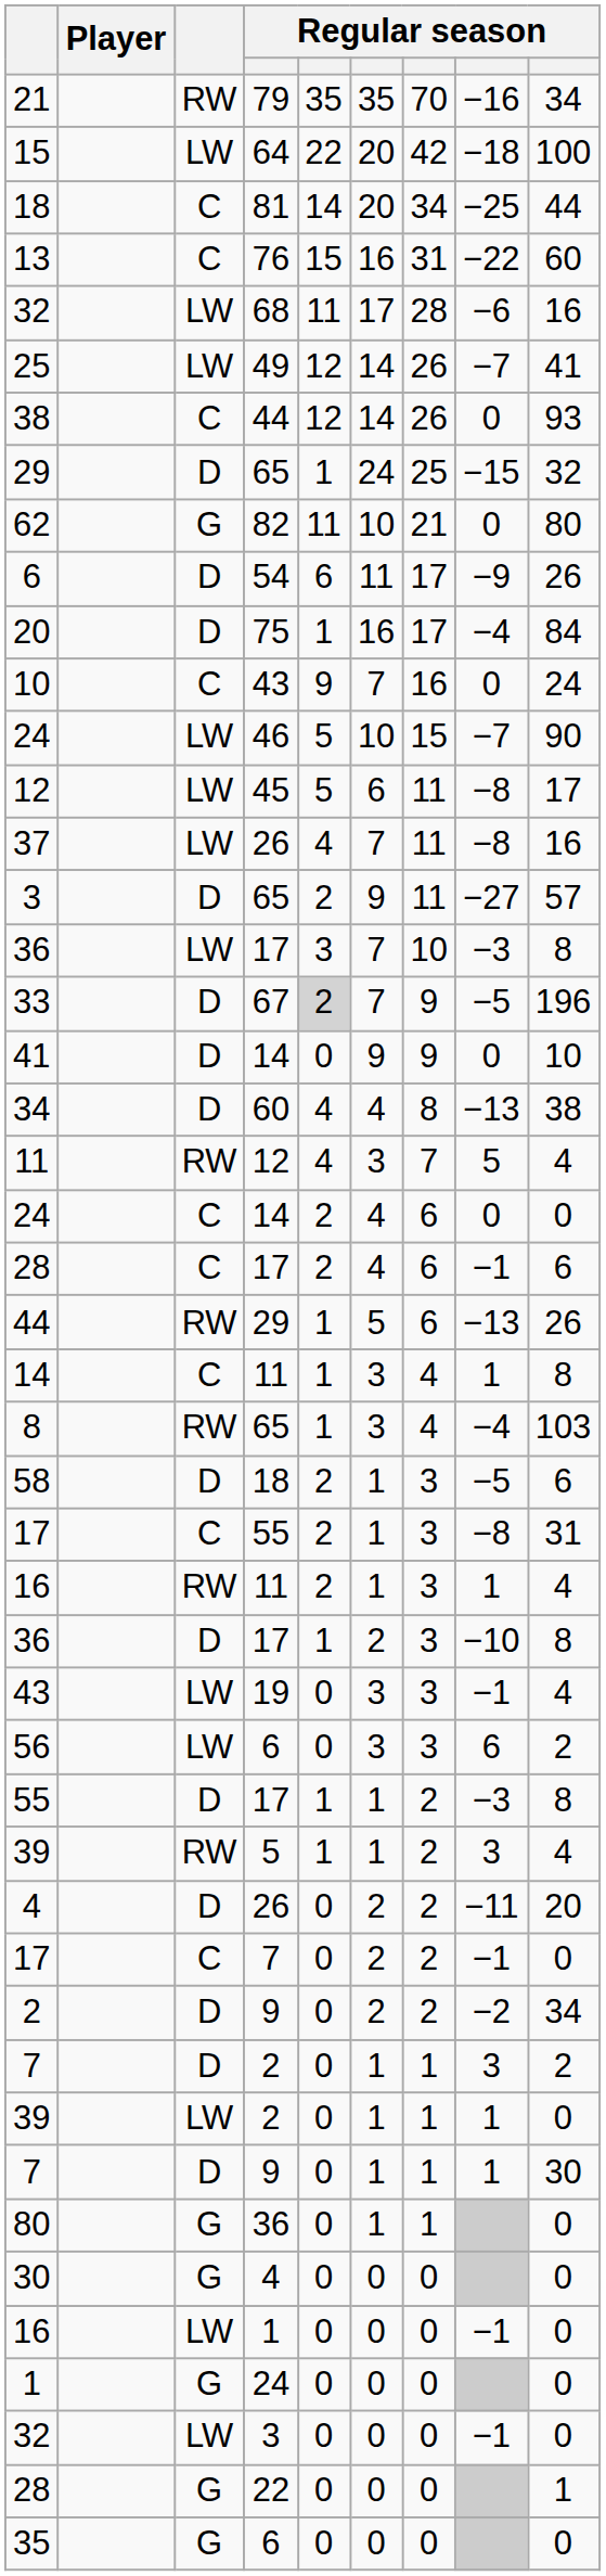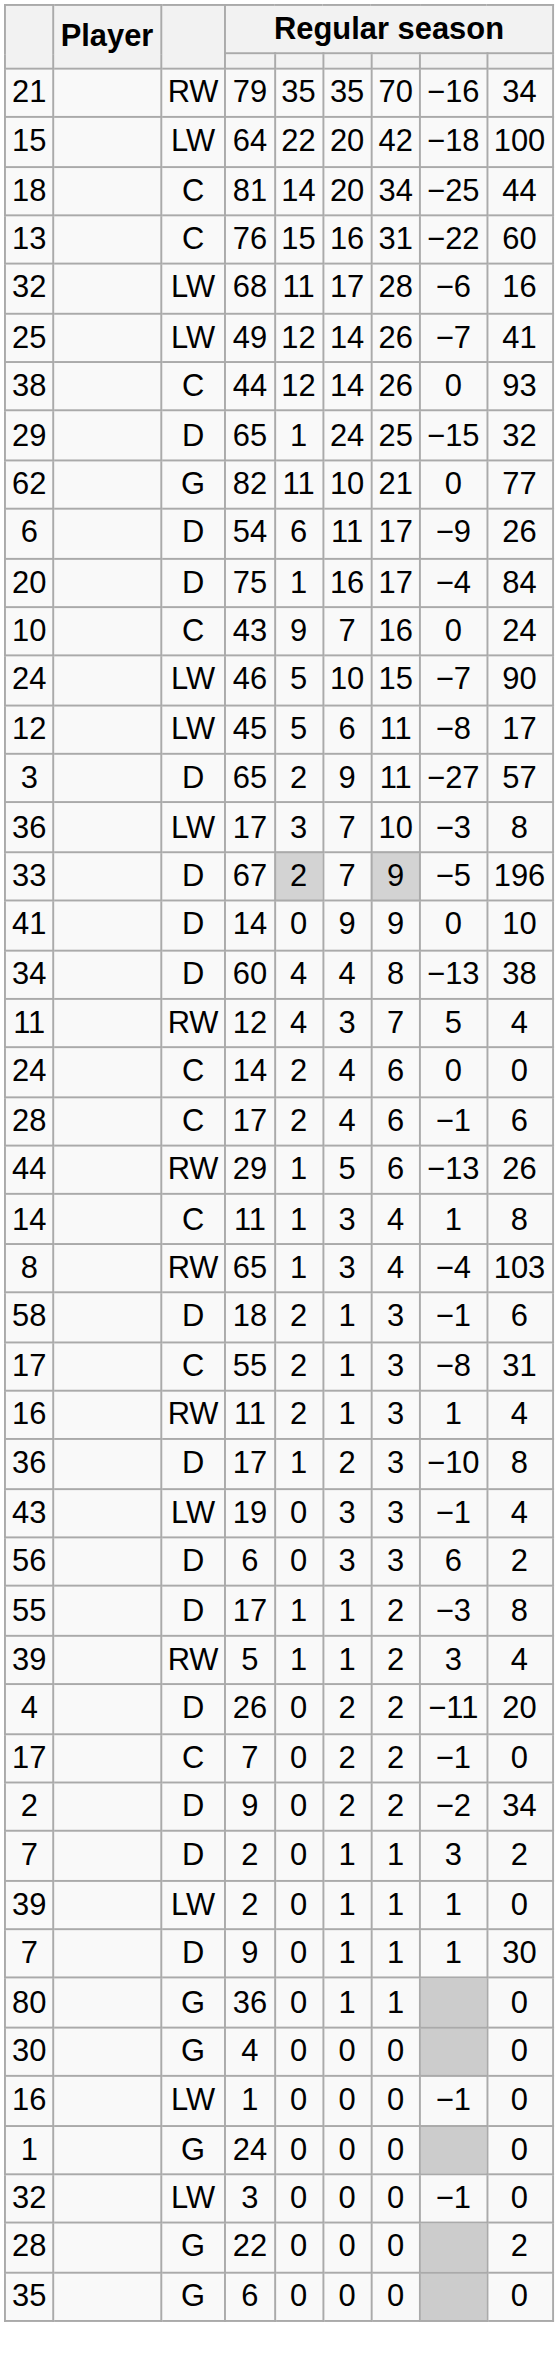 <table class="wikitable sortable plainrowheaders" style="text-align:center;">
 <tr>
 <th scope="col" data-sort-type="number" rowspan="2"></th>
 <th scope="col" rowspan="2">Player</th>
 <th scope="col" rowspan="2"></th>
 <th scope=colgroup colspan=6>Regular season</th>
 </tr>
 <tr>
 <th scope="col" data-sort-type="number"></th>
 <th scope="col" data-sort-type="number"></th>
 <th scope="col" data-sort-type="number"></th>
 <th scope="col" data-sort-type="number"></th>
 <th scope="col" data-sort-type="number"></th>
 <th scope="col" data-sort-type="number"></th>
 </tr>
 <tr>
 <td scope="row">21</td>
 <td align="left"></td>
 <td>RW</td>
 <td>79</td>
 <td>35</td>
 <td>35</td>
 <td>70</td>
 <td>−16</td>
 <td>34</td>
 </tr>
 <tr>
 <td scope="row">15</td>
 <td align="left"></td>
 <td>LW</td>
 <td>64</td>
 <td>22</td>
 <td>20</td>
 <td>42</td>
 <td>−18</td>
 <td>100</td>
 </tr>
 <tr>
 <td scope="row">18</td>
 <td align="left"></td>
 <td>C</td>
 <td>81</td>
 <td>14</td>
 <td>20</td>
 <td>34</td>
 <td>−25</td>
 <td>44</td>
 </tr>
 <tr>
 <td scope="row">13</td>
 <td align="left"></td>
 <td>C</td>
 <td>76</td>
 <td>15</td>
 <td>16</td>
 <td>31</td>
 <td>−22</td>
 <td>60</td>
 </tr>
 <tr>
 <td scope="row">32</td>
 <td align="left"></td>
 <td>LW</td>
 <td>68</td>
 <td>11</td>
 <td>17</td>
 <td>28</td>
 <td>−6</td>
 <td>16</td>
 </tr>
 <tr>
 <td scope="row">25</td>
 <td align="left"></td>
 <td>LW</td>
 <td>49</td>
 <td>12</td>
 <td>14</td>
 <td>26</td>
 <td>−7</td>
 <td>41</td>
 </tr>
 <tr>
 <td scope="row">38</td>
 <td align="left"></td>
 <td>C</td>
 <td>44</td>
 <td>12</td>
 <td>14</td>
 <td>26</td>
 <td>0</td>
 <td>93</td>
 </tr>
 <tr>
 <td scope="row">29</td>
 <td align="left"></td>
 <td>D</td>
 <td>65</td>
 <td>1</td>
 <td>24</td>
 <td>25</td>
 <td>−15</td>
 <td>32</td>
 </tr>
 <tr>
 <td scope="row">62</td>
 <td align="left"></td>
 <td>G</td>
 <td>82</td>
 <td>11</td>
 <td>10</td>
 <td>21</td>
 <td>0</td>
-<td>80</td>
+<td>77</td>
 </tr>
 <tr>
 <td scope="row">6</td>
 <td align="left"></td>
 <td>D</td>
 <td>54</td>
 <td>6</td>
 <td>11</td>
 <td>17</td>
 <td>−9</td>
 <td>26</td>
 </tr>
 <tr>
 <td scope="row">20</td>
 <td align="left"></td>
 <td>D</td>
 <td>75</td>
 <td>1</td>
 <td>16</td>
 <td>17</td>
 <td>−4</td>
 <td>84</td>
 </tr>
 <tr>
 <td scope="row">10</td>
 <td align="left"></td>
 <td>C</td>
 <td>43</td>
 <td>9</td>
 <td>7</td>
 <td>16</td>
 <td>0</td>
 <td>24</td>
 </tr>
 <tr>
 <td scope="row">24</td>
 <td align="left"></td>
 <td>LW</td>
 <td>46</td>
 <td>5</td>
 <td>10</td>
 <td>15</td>
 <td>−7</td>
 <td>90</td>
 </tr>
 <tr>
 <td scope="row">12</td>
 <td align="left"></td>
 <td>LW</td>
 <td>45</td>
 <td>5</td>
 <td>6</td>
 <td>11</td>
 <td>−8</td>
 <td>17</td>
 </tr>
 <tr>
-<td scope="row">37</td>
-<td align="left"></td>
-<td>LW</td>
-<td>26</td>
-<td>4</td>
-<td>7</td>
-<td>11</td>
-<td>−8</td>
-<td>16</td>
-</tr>
-<tr>
 <td scope="row">3</td>
 <td align="left"></td>
 <td>D</td>
 <td>65</td>
 <td>2</td>
 <td>9</td>
 <td>11</td>
 <td>−27</td>
 <td>57</td>
 </tr>
 <tr>
 <td scope="row">36</td>
 <td align="left"></td>
 <td>LW</td>
 <td>17</td>
 <td>3</td>
 <td>7</td>
 <td>10</td>
 <td>−3</td>
 <td>8</td>
 </tr>
 <tr>
 <td scope="row">33</td>
 <td align="left"></td>
 <td>D</td>
 <td>67</td>
 <td style="background: lightgrey;">2</td>
 <td>7</td>
-<td>9</td>
+<td style="background: lightgrey;">9</td>
 <td>−5</td>
 <td>196</td>
 </tr>
 <tr>
 <td scope="row">41</td>
 <td align="left"></td>
 <td>D</td>
 <td>14</td>
 <td>0</td>
 <td>9</td>
 <td>9</td>
 <td>0</td>
 <td>10</td>
 </tr>
 <tr>
 <td scope="row">34</td>
 <td align="left"></td>
 <td>D</td>
 <td>60</td>
 <td>4</td>
 <td>4</td>
 <td>8</td>
 <td>−13</td>
 <td>38</td>
 </tr>
 <tr>
 <td scope="row">11</td>
 <td align="left"></td>
 <td>RW</td>
 <td>12</td>
 <td>4</td>
 <td>3</td>
 <td>7</td>
 <td>5</td>
 <td>4</td>
 </tr>
 <tr>
 <td scope="row">24</td>
 <td align="left"></td>
 <td>C</td>
 <td>14</td>
 <td>2</td>
 <td>4</td>
 <td>6</td>
 <td>0</td>
 <td>0</td>
 </tr>
 <tr>
 <td scope="row">28</td>
 <td align="left"></td>
 <td>C</td>
 <td>17</td>
 <td>2</td>
 <td>4</td>
 <td>6</td>
 <td>−1</td>
 <td>6</td>
 </tr>
 <tr>
 <td scope="row">44</td>
 <td align="left"></td>
 <td>RW</td>
 <td>29</td>
 <td>1</td>
 <td>5</td>
 <td>6</td>
 <td>−13</td>
 <td>26</td>
 </tr>
 <tr>
 <td scope="row">14</td>
 <td align="left"></td>
 <td>C</td>
 <td>11</td>
 <td>1</td>
 <td>3</td>
 <td>4</td>
 <td>1</td>
 <td>8</td>
 </tr>
 <tr>
 <td scope="row">8</td>
 <td align="left"></td>
 <td>RW</td>
 <td>65</td>
 <td>1</td>
 <td>3</td>
 <td>4</td>
 <td>−4</td>
 <td>103</td>
 </tr>
 <tr>
 <td scope="row">58</td>
 <td align="left"></td>
 <td>D</td>
 <td>18</td>
 <td>2</td>
 <td>1</td>
 <td>3</td>
-<td>−5</td>
+<td>−1</td>
 <td>6</td>
 </tr>
 <tr>
 <td scope="row">17</td>
 <td align="left"></td>
 <td>C</td>
 <td>55</td>
 <td>2</td>
 <td>1</td>
 <td>3</td>
 <td>−8</td>
 <td>31</td>
 </tr>
 <tr>
 <td scope="row">16</td>
 <td align="left"></td>
 <td>RW</td>
 <td>11</td>
 <td>2</td>
 <td>1</td>
 <td>3</td>
 <td>1</td>
 <td>4</td>
 </tr>
 <tr>
 <td scope="row">36</td>
 <td align="left"></td>
 <td>D</td>
 <td>17</td>
 <td>1</td>
 <td>2</td>
 <td>3</td>
 <td>−10</td>
 <td>8</td>
 </tr>
 <tr>
 <td scope="row">43</td>
 <td align="left"></td>
 <td>LW</td>
 <td>19</td>
 <td>0</td>
 <td>3</td>
 <td>3</td>
 <td>−1</td>
 <td>4</td>
 </tr>
 <tr>
 <td scope="row">56</td>
 <td align="left"></td>
-<td>LW</td>
+<td>D</td>
 <td>6</td>
 <td>0</td>
 <td>3</td>
 <td>3</td>
 <td>6</td>
 <td>2</td>
 </tr>
 <tr>
 <td scope="row">55</td>
 <td align="left"></td>
 <td>D</td>
 <td>17</td>
 <td>1</td>
 <td>1</td>
 <td>2</td>
 <td>−3</td>
 <td>8</td>
 </tr>
 <tr>
 <td scope="row">39</td>
 <td align="left"></td>
 <td>RW</td>
 <td>5</td>
 <td>1</td>
 <td>1</td>
 <td>2</td>
 <td>3</td>
 <td>4</td>
 </tr>
 <tr>
 <td scope="row">4</td>
 <td align="left"></td>
 <td>D</td>
 <td>26</td>
 <td>0</td>
 <td>2</td>
 <td>2</td>
 <td>−11</td>
 <td>20</td>
 </tr>
 <tr>
 <td scope="row">17</td>
 <td align="left"></td>
 <td>C</td>
 <td>7</td>
 <td>0</td>
 <td>2</td>
 <td>2</td>
 <td>−1</td>
 <td>0</td>
 </tr>
 <tr>
 <td scope="row">2</td>
 <td align="left"></td>
 <td>D</td>
 <td>9</td>
 <td>0</td>
 <td>2</td>
 <td>2</td>
 <td>−2</td>
 <td>34</td>
 </tr>
 <tr>
 <td scope="row">7</td>
 <td align="left"></td>
 <td>D</td>
 <td>2</td>
 <td>0</td>
 <td>1</td>
 <td>1</td>
 <td>3</td>
 <td>2</td>
 </tr>
 <tr>
 <td scope="row">39</td>
 <td align="left"></td>
 <td>LW</td>
 <td>2</td>
 <td>0</td>
 <td>1</td>
 <td>1</td>
 <td>1</td>
 <td>0</td>
 </tr>
 <tr>
 <td scope="row">7</td>
 <td align="left"></td>
 <td>D</td>
 <td>9</td>
 <td>0</td>
 <td>1</td>
 <td>1</td>
 <td>1</td>
 <td>30</td>
 </tr>
 <tr>
 <td scope="row">80</td>
 <td align="left"></td>
 <td>G</td>
 <td>36</td>
 <td>0</td>
 <td>1</td>
 <td>1</td>
 <td style="background:#ccc"></td>
 <td>0</td>
 </tr>
 <tr>
 <td scope="row">30</td>
 <td align="left"></td>
 <td>G</td>
 <td>4</td>
 <td>0</td>
 <td>0</td>
 <td>0</td>
 <td style="background:#ccc"></td>
 <td>0</td>
 </tr>
 <tr>
 <td scope="row">16</td>
 <td align="left"></td>
 <td>LW</td>
 <td>1</td>
 <td>0</td>
 <td>0</td>
 <td>0</td>
 <td>−1</td>
 <td>0</td>
 </tr>
 <tr>
 <td scope="row">1</td>
 <td align="left"></td>
 <td>G</td>
 <td>24</td>
 <td>0</td>
 <td>0</td>
 <td>0</td>
 <td style="background:#ccc"></td>
 <td>0</td>
 </tr>
 <tr>
 <td scope="row">32</td>
 <td align="left"></td>
 <td>LW</td>
 <td>3</td>
 <td>0</td>
 <td>0</td>
 <td>0</td>
 <td>−1</td>
 <td>0</td>
 </tr>
 <tr>
 <td scope="row">28</td>
 <td align="left"></td>
 <td>G</td>
 <td>22</td>
 <td>0</td>
 <td>0</td>
 <td>0</td>
 <td style="background:#ccc"></td>
-<td>1</td>
+<td>2</td>
 </tr>
 <tr>
 <td scope="row">35</td>
 <td align="left"></td>
 <td>G</td>
 <td>6</td>
 <td>0</td>
 <td>0</td>
 <td>0</td>
 <td style="background:#ccc"></td>
 <td>0</td>
 </tr>
 </table>
